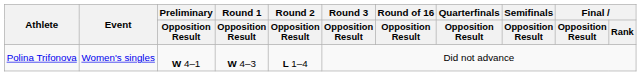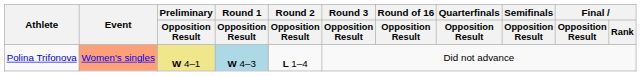 <table class="wikitable" style="font-size:90%;">
 <tr>
 <th rowspan=2>Athlete</th>
 <th rowspan=2>Event</th>
 <th>Preliminary</th>
 <th>Round 1</th>
 <th>Round 2</th>
 <th>Round 3</th>
 <th>Round of 16</th>
 <th>Quarterfinals</th>
 <th>Semifinals</th>
 <th colspan=2>Final / </th>
 </tr>
 <tr style="font-size:95%">
 <th>Opposition<br>Result</th>
 <th>Opposition<br>Result</th>
 <th>Opposition<br>Result</th>
 <th>Opposition<br>Result</th>
 <th>Opposition<br>Result</th>
 <th>Opposition<br>Result</th>
 <th>Opposition<br>Result</th>
 <th>Opposition<br>Result</th>
 <th>Rank</th>
 </tr>
 <tr align=center>
 <td align=left><a href='#'>Polina Trifonova</a></td>
-<td align=left><a href='#'>Women's singles</a></td>
-<td><br><strong>W</strong> 4–1</td>
-<td><br><strong>W</strong> 4–3</td>
+<td align=left style="background: lightsalmon;"><a href='#'>Women's singles</a></td>
+<td style="background: khaki;"><br><strong>W</strong> 4–1</td>
+<td style="background: lightblue;"><br><strong>W</strong> 4–3</td>
 <td><br><strong>L</strong> 1–4</td>
 <td colspan=6>Did not advance</td>
 </tr>
 </table>
